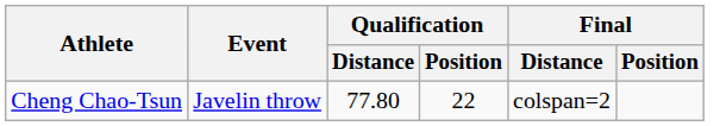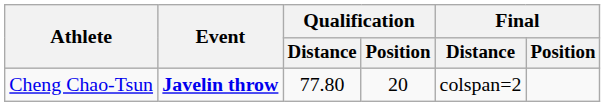 <table class="wikitable" style="font-size:90%">
 <tr>
 <th rowspan="2">Athlete</th>
 <th rowspan="2">Event</th>
 <th colspan="2">Qualification</th>
 <th colspan="2">Final</th>
 </tr>
 <tr style="font-size:95%">
 <th>Distance</th>
 <th>Position</th>
 <th>Distance</th>
 <th>Position</th>
 </tr>
 <tr style=text-align:center>
 <td style=text-align:left><a href='#'>Cheng Chao-Tsun</a></td>
-<td style=text-align:left><a href='#'>Javelin throw</a></td>
+<td style=text-align:left><strong><a href='#'>Javelin throw</a></strong></td>
 <td>77.80</td>
-<td>22</td>
+<td>20</td>
 <td>colspan=2 </td>
 </tr>
 </table>
